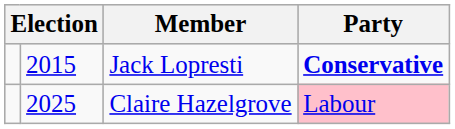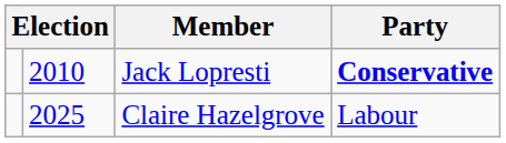 <table class="wikitable">
 <tr>
 <th colspan="2">Election</th>
 <th>Member</th>
 <th>Party</th>
 </tr>
 <tr>
 <td style="color:inherit;background-color: "></td>
-<td><a href='#'>2015</a></td>
+<td><a href='#'>2010</a></td>
 <td><a href='#'>Jack Lopresti</a></td>
 <td><strong><a href='#'>Conservative</a></strong></td>
 </tr>
 <tr>
 <td style="color:inherit;background-color: "></td>
 <td><a href='#'>2025</a></td>
 <td><a href='#'>Claire Hazelgrove</a></td>
-<td style="background: pink;"><a href='#'>Labour</a></td>
+<td><a href='#'>Labour</a></td>
 </tr>
 </table>
